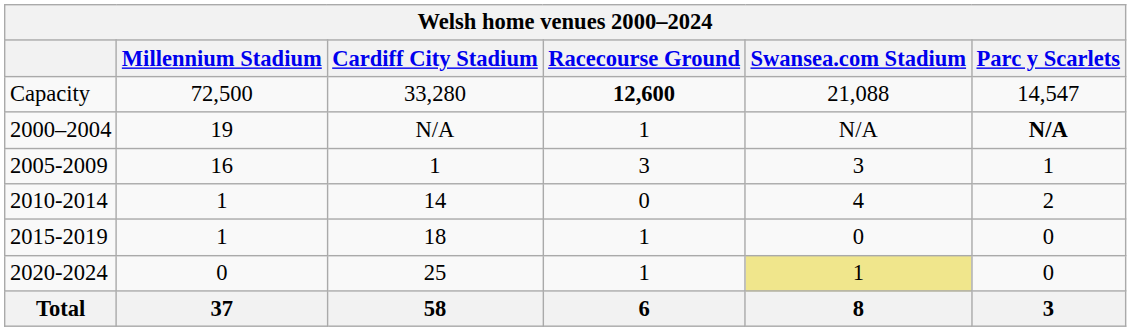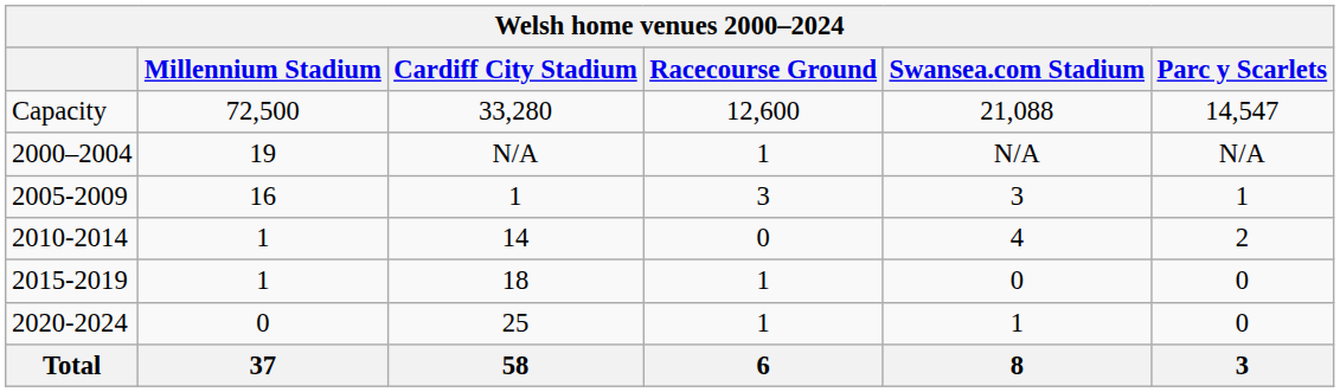 <table class="wikitable">
 <tr>
 <th colspan=6>Welsh home venues 2000–2024</th>
 </tr>
 <tr>
 <th></th>
 <th><a href='#'>Millennium Stadium</a></th>
 <th><a href='#'>Cardiff City Stadium</a></th>
 <th><a href='#'>Racecourse Ground</a></th>
 <th><a href='#'>Swansea.com Stadium</a></th>
 <th><a href='#'>Parc y Scarlets</a></th>
 </tr>
 <tr>
 <td>Capacity</td>
 <td align=center>72,500</td>
 <td align=center>33,280</td>
-<td align=center><strong>12,600</strong></td>
+<td align=center>12,600</td>
 <td align=center>21,088</td>
 <td align=center>14,547</td>
 </tr>
 <tr>
 <td>2000–2004</td>
 <td align=center>19</td>
 <td align=center>N/A</td>
 <td align=center>1</td>
 <td align=center>N/A</td>
-<td align=center><strong>N/A</strong></td>
+<td align=center>N/A</td>
 </tr>
 <tr>
 <td>2005-2009</td>
 <td align=center>16</td>
 <td align=center>1</td>
 <td align=center>3</td>
 <td align=center>3</td>
 <td align=center>1</td>
 </tr>
 <tr>
 <td>2010-2014</td>
 <td align=center>1</td>
 <td align=center>14</td>
 <td align=center>0</td>
 <td align=center>4</td>
 <td align=center>2</td>
 </tr>
 <tr>
 <td>2015-2019</td>
 <td align=center>1</td>
 <td align=center>18</td>
 <td align=center>1</td>
 <td align=center>0</td>
 <td align=center>0</td>
 </tr>
 <tr>
 <td>2020-2024</td>
 <td align=center>0</td>
 <td align=center>25</td>
 <td align=center>1</td>
-<td align=center style="background: khaki;">1</td>
+<td align=center>1</td>
 <td align=center>0</td>
 </tr>
 <tr>
 <th>Total</th>
 <th align=center>37</th>
 <th align=center>58</th>
 <th align=center>6</th>
 <th align=center>8</th>
 <th align=center>3</th>
 </tr>
 </table>
